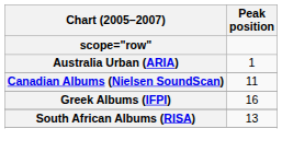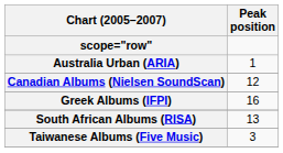 <table class="wikitable sortable plainrowheaders">
 <tr>
 <th>Chart (2005–2007)</th>
 <th>Peak<br>position</th>
 </tr>
 <tr>
 <th>scope="row" </th>
 </tr>
 <tr>
 <th scope="row">Australia Urban (<a href='#'>ARIA</a>)</th>
 <td style="text-align:center;">1</td>
 </tr>
 <tr>
 </tr>
 <tr>
 </tr>
 <tr>
 </tr>
 <tr>
 <th scope="row"><a href='#'>Canadian Albums</a> (<a href='#'>Nielsen SoundScan</a>)</th>
-<td style="text-align:center;">11</td>
+<td style="text-align:center;">12</td>
 </tr>
 <tr>
 </tr>
 <tr>
 </tr>
 <tr>
 </tr>
 <tr>
 </tr>
 <tr>
 </tr>
 <tr>
 </tr>
 <tr>
 <th scope="row">Greek Albums (<a href='#'>IFPI</a>)</th>
 <td style="text-align:center;">16</td>
 </tr>
 <tr>
 </tr>
 <tr>
 </tr>
 <tr>
 </tr>
 <tr>
 </tr>
 <tr>
 </tr>
 <tr>
 </tr>
 <tr>
 </tr>
 <tr>
 </tr>
 <tr>
 </tr>
 <tr>
 <th scope="row">South African Albums (<a href='#'>RISA</a>)</th>
 <td style="text-align:center;">13</td>
 </tr>
 <tr>
 </tr>
 <tr>
 </tr>
 <tr>
 </tr>
 <tr>
+<th scope="row">Taiwanese Albums (<a href='#'>Five Music</a>)</th>
+<td style="text-align:center;">3</td>
+</tr>
+<tr>
 </tr>
 <tr>
 </tr>
 <tr>
 </tr>
 <tr>
 </tr>
 </table>
